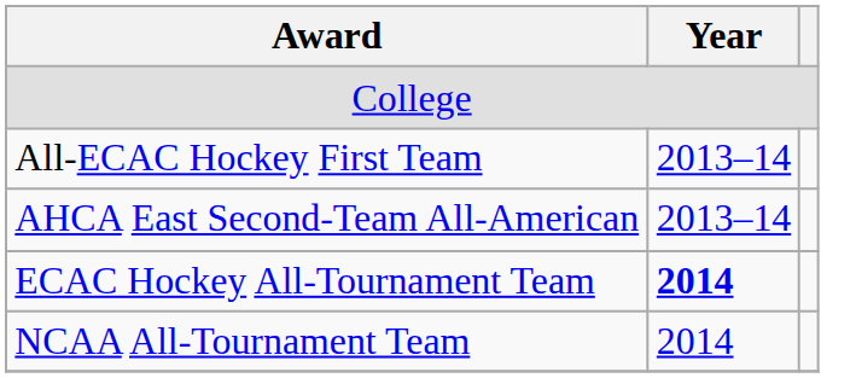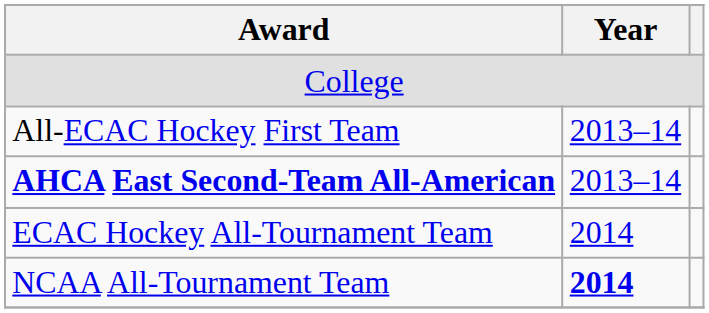 <table class="wikitable">
 <tr>
 <th>Award</th>
 <th>Year</th>
 <th></th>
 </tr>
 <tr ALIGN="center" bgcolor="#e0e0e0">
 <td colspan="3"><a href='#'>College</a></td>
 </tr>
 <tr>
 <td>All-<a href='#'>ECAC Hockey</a> <a href='#'>First Team</a></td>
 <td><a href='#'>2013–14</a></td>
 <td></td>
 </tr>
 <tr>
-<td><a href='#'>AHCA</a> <a href='#'>East Second-Team All-American</a></td>
+<td><strong><a href='#'>AHCA</a> <a href='#'>East Second-Team All-American</a></strong></td>
 <td><a href='#'>2013–14</a></td>
 <td></td>
 </tr>
 <tr>
 <td><a href='#'>ECAC Hockey</a> <a href='#'>All-Tournament Team</a></td>
-<td><strong><a href='#'>2014</a></strong></td>
+<td><a href='#'>2014</a></td>
 <td></td>
 </tr>
 <tr>
 <td><a href='#'>NCAA</a> <a href='#'>All-Tournament Team</a></td>
-<td><a href='#'>2014</a></td>
+<td><strong><a href='#'>2014</a></strong></td>
 <td></td>
 </tr>
 <tr>
 </tr>
 </table>
